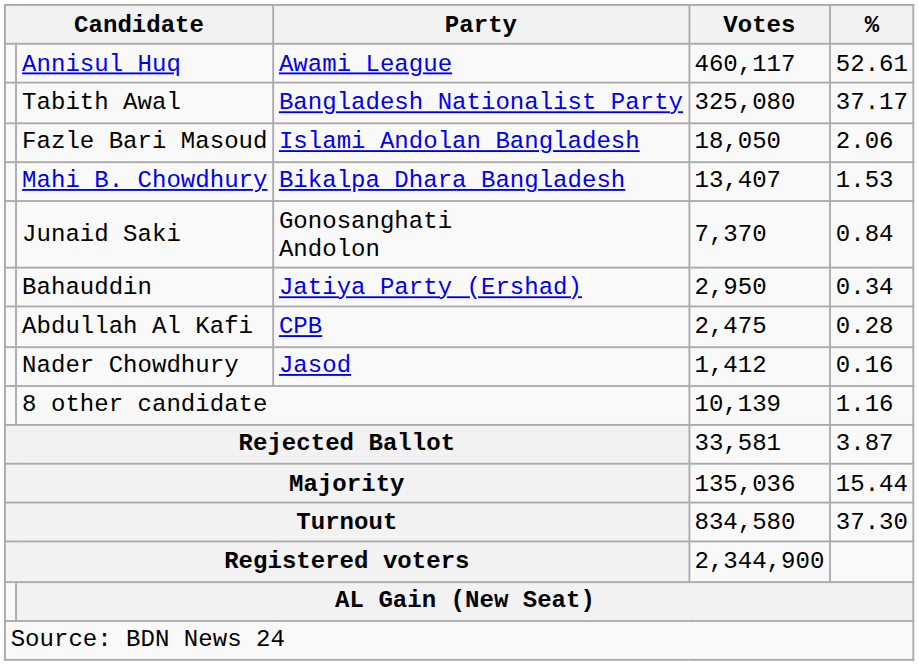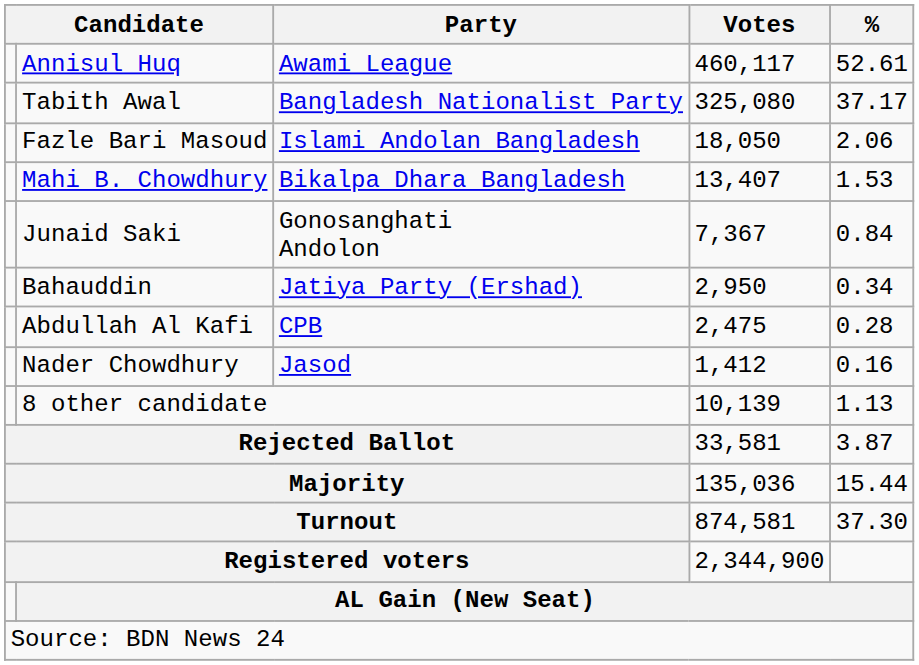 <table class=wikitable style=text-align:left>
 <tr>
 <th colspan=2>Candidate</th>
 <th>Party</th>
 <th>Votes</th>
 <th>%</th>
 </tr>
 <tr>
 <td bgcolor=></td>
 <td align=left><a href='#'>Annisul Huq</a></td>
 <td align=left><a href='#'>Awami League</a></td>
 <td>460,117</td>
 <td>52.61</td>
 </tr>
 <tr>
 <td bgcolor=></td>
 <td align=left>Tabith Awal</td>
 <td align=left><a href='#'>Bangladesh Nationalist Party</a></td>
 <td>325,080</td>
 <td>37.17</td>
 </tr>
 <tr>
 <td bgcolor=></td>
 <td align=left>Fazle Bari Masoud</td>
 <td align=left><a href='#'>Islami Andolan Bangladesh</a></td>
 <td>18,050</td>
 <td>2.06</td>
 </tr>
 <tr>
 <td bgcolor=></td>
 <td align=left><a href='#'>Mahi B. Chowdhury</a></td>
 <td align=left><a href='#'>Bikalpa Dhara Bangladesh</a></td>
 <td>13,407</td>
 <td>1.53</td>
 </tr>
 <tr>
 <td></td>
 <td align=left>Junaid Saki</td>
 <td align=left>Gonosanghati<br>Andolon</td>
-<td>7,370</td>
+<td>7,367</td>
 <td>0.84</td>
 </tr>
 <tr>
 <td bgcolor=></td>
 <td align=left>Bahauddin</td>
 <td align=left><a href='#'>Jatiya Party (Ershad)</a></td>
 <td>2,950</td>
 <td>0.34</td>
 </tr>
 <tr>
 <td bgcolor=></td>
 <td align=left>Abdullah Al Kafi</td>
 <td align=left><a href='#'>CPB</a></td>
 <td>2,475</td>
 <td>0.28</td>
 </tr>
 <tr>
 <td bgcolor=></td>
 <td align=left>Nader Chowdhury</td>
 <td align=left><a href='#'>Jasod</a></td>
 <td>1,412</td>
 <td>0.16</td>
 </tr>
 <tr>
 <td></td>
 <td colspan="2" align=left>8 other candidate</td>
 <td>10,139</td>
-<td>1.16</td>
+<td>1.13</td>
 </tr>
 <tr>
 <th align=right colspan=3>Rejected Ballot</th>
 <td>33,581</td>
 <td>3.87</td>
 </tr>
 <tr>
 <th align=right colspan="3">Majority</th>
 <td>135,036</td>
 <td>15.44</td>
 </tr>
 <tr>
 <th align=right colspan=3><strong>Turnout</strong></th>
-<td>834,580</td>
+<td>874,581</td>
 <td>37.30</td>
 </tr>
 <tr>
 <th align=right colspan=3>Registered voters</th>
 <td>2,344,900</td>
 <td></td>
 </tr>
 <tr>
 <td style="background-color:"></td>
 <th align=left colspan=4>AL Gain (New Seat)</th>
 </tr>
 <tr>
 <td colspan=5 align=left>Source: BDN News 24</td>
 </tr>
 </table>
